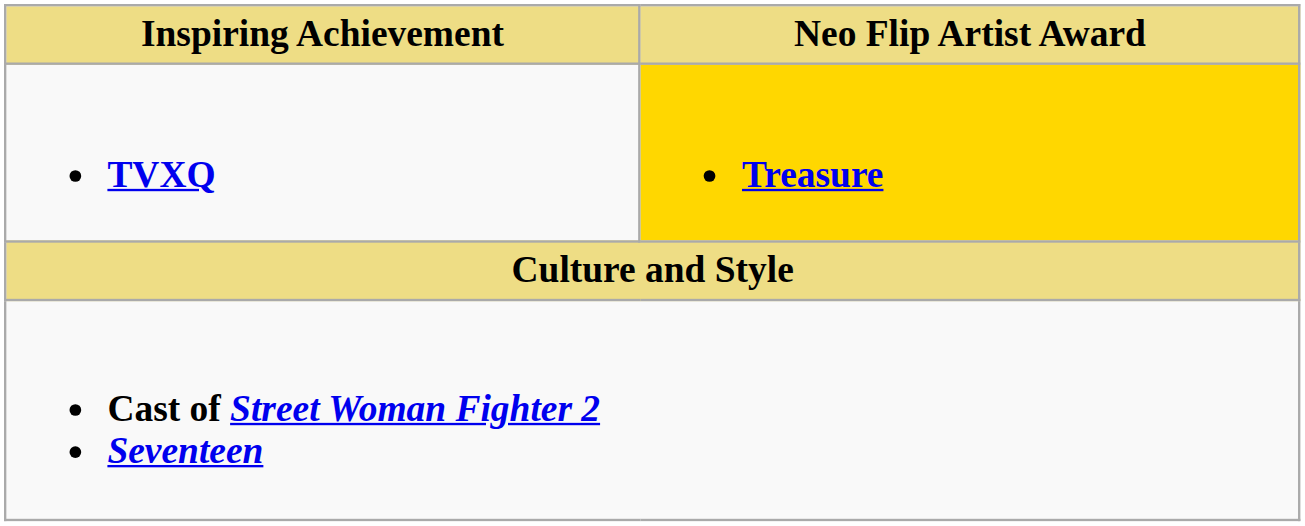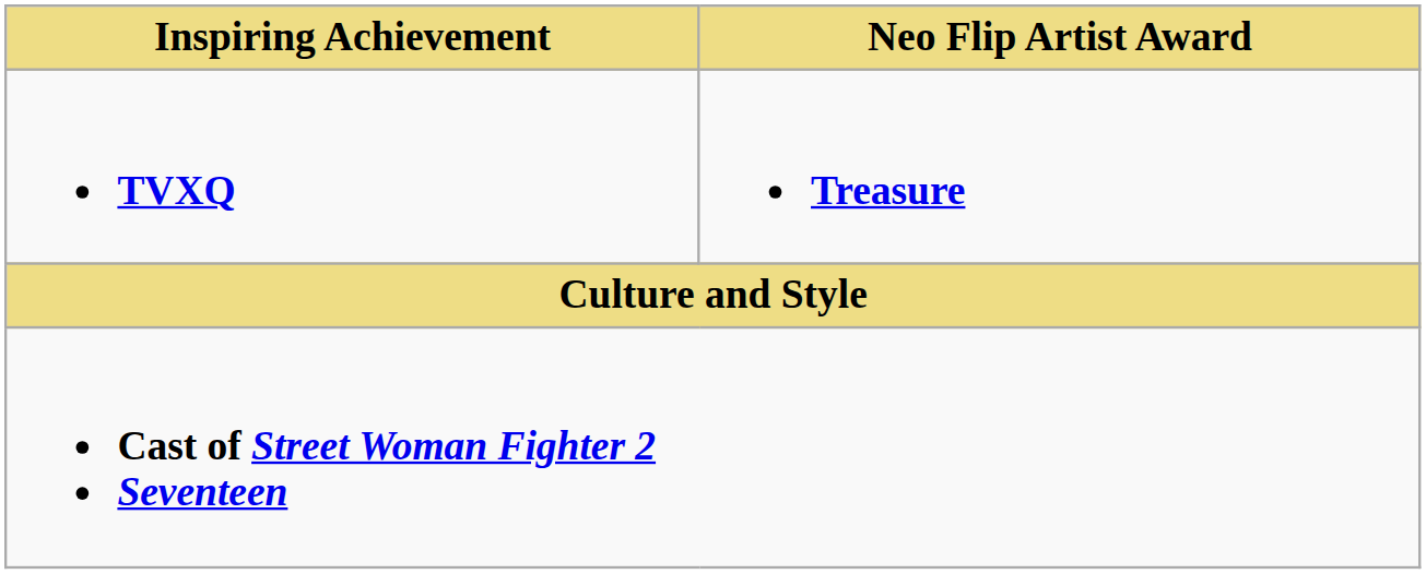 <table class="wikitable" style="width:35%">
 <tr>
 <th scope="col" style="background-color:#EEDD85; width:17.5%">Inspiring Achievement</th>
 <th scope="col" style="background-color:#EEDD85; width:17.5%">Neo Flip Artist Award</th>
 </tr>
 <tr>
 <td style="vertical-align:top"><br><ul><li><strong><a href='#'>TVXQ</a></strong></li></ul></td>
-<td style="background: gold; vertical-align:top"><br><ul><li><strong><a href='#'>Treasure</a></strong></li></ul></td>
+<td style="vertical-align:top"><br><ul><li><strong><a href='#'>Treasure</a></strong></li></ul></td>
 </tr>
 <tr>
 <th scope="col" colspan="2" style="background-color:#EEDD85">Culture and Style</th>
 </tr>
 <tr>
 <td colspan="2"><br><ul><li><strong>Cast of <em><a href='#'>Street Woman Fighter 2</a><strong><em></li><li></strong><a href='#'>Seventeen</a><strong></li></ul></td>
 </tr>
 </table>
